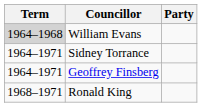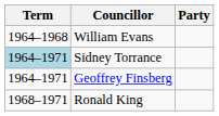 <table class="wikitable">
 <tr>
 <th>Term</th>
 <th>Councillor</th>
 <th colspan=2>Party</th>
 </tr>
 <tr>
-<td style="background: lightgrey;">1964–1968</td>
+<td>1964–1968</td>
 <td>William Evans</td>
 <td></td>
 </tr>
 <tr>
-<td>1964–1971</td>
+<td style="background: lightblue;">1964–1971</td>
 <td>Sidney Torrance</td>
 <td></td>
 </tr>
 <tr>
 <td>1964–1971</td>
 <td><a href='#'>Geoffrey Finsberg</a></td>
 <td></td>
 </tr>
 <tr>
 <td>1968–1971</td>
 <td>Ronald King</td>
 <td></td>
 </tr>
 </table>
